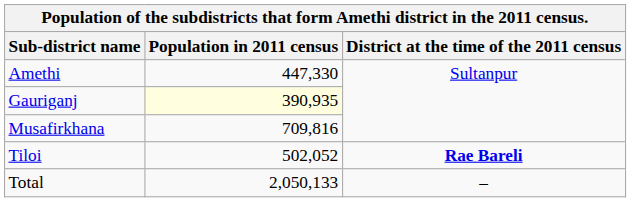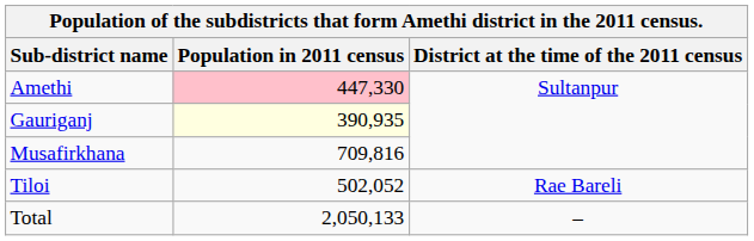 <table class="wikitable sortable mw-collapsible">
 <tr>
 <th colspan="3">Population of the subdistricts that form Amethi district in the 2011 census.</th>
 </tr>
 <tr>
 <th>Sub-district name</th>
 <th>Population in 2011 census</th>
 <th>District at the time of the 2011 census</th>
 </tr>
 <tr style="vertical-align:top;">
 <td><a href='#'>Amethi</a></td>
-<td style="text-align:right;">447,330</td>
+<td style="background: pink; text-align:right;">447,330</td>
 <td rowspan="3" style="text-align:center;"><a href='#'>Sultanpur</a></td>
 </tr>
 <tr style="vertical-align:top;">
 <td><a href='#'>Gauriganj</a></td>
 <td style="background: lightyellow; text-align:right;">390,935</td>
 </tr>
 <tr style="vertical-align:top;">
 <td><a href='#'>Musafirkhana</a></td>
 <td style="text-align:right;">709,816</td>
 </tr>
 <tr style="vertical-align:top;">
 <td><a href='#'>Tiloi</a></td>
 <td style="text-align:right;">502,052</td>
-<td style="text-align:center;"><strong><a href='#'>Rae Bareli</a></strong></td>
+<td style="text-align:center;"><a href='#'>Rae Bareli</a></td>
 </tr>
 <tr class="sortbottom" valign="top">
 <td>Total</td>
 <td style="text-align:right;">2,050,133</td>
 <td style="text-align:center;">–</td>
 </tr>
 </table>
